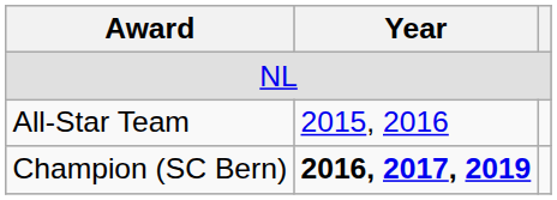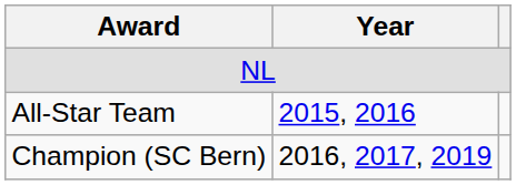 <table class="wikitable">
 <tr>
 <th>Award</th>
 <th>Year</th>
 <th></th>
 </tr>
 <tr ALIGN="center" bgcolor="#e0e0e0">
 <td colspan="3"><a href='#'>NL</a></td>
 </tr>
 <tr>
 <td>All-Star Team</td>
 <td><a href='#'>2015</a>, <a href='#'>2016</a></td>
 <td></td>
 </tr>
 <tr>
 <td>Champion (SC Bern)</td>
-<td><strong>2016, <a href='#'>2017</a>, <a href='#'>2019</a></strong></td>
+<td>2016, <a href='#'>2017</a>, <a href='#'>2019</a></td>
 <td></td>
 </tr>
 </table>
